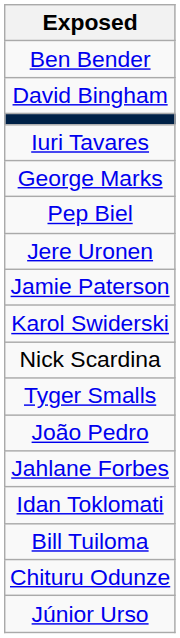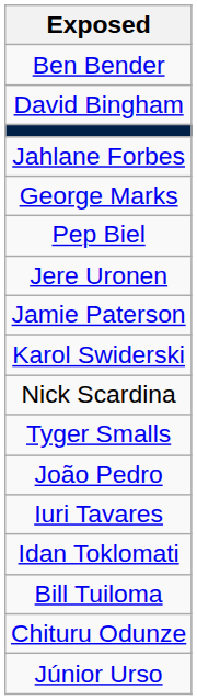 <table class="wikitable" style="text-align:center">
 <tr>
 <th>Exposed</th>
 </tr>
 <tr>
 <td><a href='#'>Ben Bender</a></td>
 </tr>
 <tr>
 <td><a href='#'>David Bingham</a></td>
 </tr>
 <tr>
 <td style="background: #002147"></td>
 </tr>
 <tr>
-<td><a href='#'>Iuri Tavares</a></td>
+<td><a href='#'>Jahlane Forbes</a></td>
 </tr>
 <tr>
 <td><a href='#'>George Marks</a></td>
 </tr>
 <tr>
 <td><a href='#'>Pep Biel</a></td>
 </tr>
 <tr>
 <td><a href='#'>Jere Uronen</a></td>
 </tr>
 <tr>
 <td><a href='#'>Jamie Paterson</a></td>
 </tr>
 <tr>
 <td><a href='#'>Karol Swiderski</a></td>
 </tr>
 <tr>
 <td>Nick Scardina</td>
 </tr>
 <tr>
 <td><a href='#'>Tyger Smalls</a></td>
 </tr>
 <tr>
 <td><a href='#'>João Pedro</a></td>
 </tr>
 <tr>
-<td><a href='#'>Jahlane Forbes</a></td>
+<td><a href='#'>Iuri Tavares</a></td>
 </tr>
 <tr>
 <td><a href='#'>Idan Toklomati</a></td>
 </tr>
 <tr>
 <td><a href='#'>Bill Tuiloma</a></td>
 </tr>
 <tr>
 <td><a href='#'>Chituru Odunze</a></td>
 </tr>
 <tr>
 <td><a href='#'>Júnior Urso</a></td>
 </tr>
 </table>
